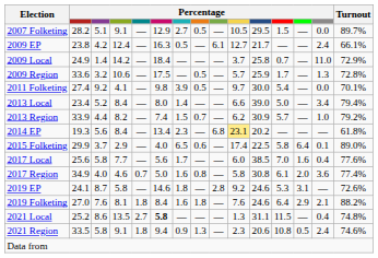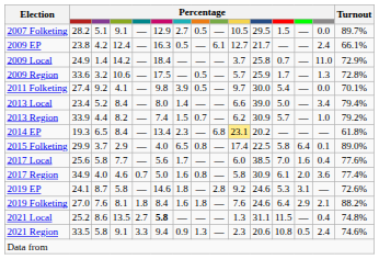 <table class="wikitable" style="text-align:center; font-size:90%; line-height:14px">
 <tr>
 <th rowspan=2>Election</th>
 <th colspan=13>Percentage</th>
 <th rowspan=2>Turnout</th>
 </tr>
 <tr>
 <td style="background:#B5211D; width:20px;"><strong><a href='#'></a></strong></td>
 <td style="background:#843A93; width:20px;"><strong><a href='#'></a></strong></td>
 <td style="background:#89A920; width:20px;"><strong><a href='#'></a></strong></td>
 <td style="background:#00868B; width:20px;"><strong><a href='#'></a></strong></td>
 <td style="background:#C9096C; width:20px;"><strong><a href='#'></a></strong></td>
 <td style="background:#1CB1B7; width:20px;"><strong><a href='#'></a></strong></td>
 <td style="background:#EC7D14; width:20px;"><strong><a href='#'></a></strong></td>
 <td style="background:#78AB46; width:20px;"><strong><a href='#'></a></strong></td>
 <td style="background:#F4D44D; width:20px;"><strong><a href='#'></a></strong></td>
 <td style="background:#254C85; width:20px;"><strong><a href='#'></a></strong></td>
 <td style="background:#FF0000; width:20px;"><strong><a href='#'></a></strong></td>
 <td style="background:#00FF00; width:20px;"><strong><a href='#'></a></strong></td>
 <td style="background:#8B8989; width:20px;"><strong></strong></td>
 </tr>
 <tr>
 <td style="text-align:left"><a href='#'>2007 Folketing</a></td>
 <td>28.2</td>
 <td>5.1</td>
 <td>9.1</td>
 <td>—</td>
 <td>12.9</td>
 <td>2.7</td>
 <td>0.5</td>
 <td>—</td>
 <td>10.5</td>
 <td>29.5</td>
 <td>1.5</td>
 <td>—</td>
 <td>0.0</td>
 <td>89.7%</td>
 </tr>
 <tr>
 <td style="text-align:left"><a href='#'>2009 EP</a></td>
 <td>23.8</td>
 <td>4.2</td>
 <td>12.4</td>
 <td>—</td>
 <td>16.3</td>
 <td>0.5</td>
 <td>—</td>
 <td>6.1</td>
 <td>12.7</td>
 <td>21.7</td>
 <td>—</td>
 <td>—</td>
 <td>2.4</td>
 <td>66.1%</td>
 </tr>
 <tr>
 <td style="text-align:left"><a href='#'>2009 Local</a></td>
 <td>24.9</td>
 <td>1.4</td>
 <td>14.2</td>
 <td>—</td>
 <td>18.4</td>
 <td>—</td>
 <td>—</td>
 <td>—</td>
 <td>3.7</td>
 <td>25.8</td>
 <td>0.7</td>
 <td>—</td>
 <td>11.0</td>
 <td>72.9%</td>
 </tr>
 <tr>
 <td style="text-align:left"><a href='#'>2009 Region</a></td>
 <td>33.6</td>
 <td>3.2</td>
 <td>10.6</td>
 <td>—</td>
 <td>17.5</td>
 <td>—</td>
 <td>0.5</td>
 <td>—</td>
 <td>5.7</td>
 <td>25.9</td>
 <td>1.7</td>
 <td>—</td>
 <td>1.3</td>
 <td>72.8%</td>
 </tr>
 <tr>
 <td style="text-align:left"><a href='#'>2011 Folketing</a></td>
 <td>27.4</td>
 <td>9.2</td>
 <td>4.1</td>
 <td>—</td>
 <td>9.8</td>
 <td>3.9</td>
 <td>0.5</td>
 <td>—</td>
 <td>9.7</td>
 <td>30.0</td>
 <td>5.4</td>
 <td>—</td>
 <td>0.0</td>
 <td>70.1%</td>
 </tr>
 <tr>
 <td style="text-align:left"><a href='#'>2013 Local</a></td>
 <td>23.4</td>
 <td>5.2</td>
 <td>8.4</td>
 <td>—</td>
 <td>8.0</td>
 <td>1.4</td>
 <td>—</td>
 <td>—</td>
 <td>6.6</td>
 <td>39.0</td>
 <td>5.0</td>
 <td>—</td>
 <td>3.4</td>
 <td>79.4%</td>
 </tr>
 <tr>
 <td style="text-align:left"><a href='#'>2013 Region</a></td>
 <td>33.9</td>
 <td>4.4</td>
 <td>8.2</td>
 <td>—</td>
 <td>7.4</td>
 <td>1.5</td>
 <td>0.7</td>
 <td>—</td>
 <td>6.2</td>
 <td>30.9</td>
 <td>5.7</td>
 <td>—</td>
 <td>1.0</td>
 <td>79.2%</td>
 </tr>
 <tr>
 <td style="text-align:left"><a href='#'>2014 EP</a></td>
 <td>19.3</td>
-<td>5.6</td>
+<td>6.5</td>
 <td>8.4</td>
 <td>—</td>
 <td>13.4</td>
 <td>2.3</td>
 <td>—</td>
 <td>6.8</td>
 <td style="background:#FFEC8B;">23.1</td>
 <td>20.2</td>
 <td>—</td>
 <td>—</td>
 <td>—</td>
 <td>61.8%</td>
 </tr>
 <tr>
 <td style="text-align:left"><a href='#'>2015 Folketing</a></td>
 <td>29.9</td>
 <td>3.7</td>
 <td>2.9</td>
 <td>—</td>
 <td>4.0</td>
 <td>6.5</td>
-<td>0.6</td>
+<td>0.8</td>
 <td>—</td>
 <td>17.4</td>
 <td>22.5</td>
 <td>5.8</td>
 <td>6.4</td>
 <td>0.1</td>
 <td>89.0%</td>
 </tr>
 <tr>
 <td style="text-align:left"><a href='#'>2017 Local</a></td>
 <td>25.6</td>
 <td>5.8</td>
 <td>7.7</td>
 <td>—</td>
 <td>5.6</td>
 <td>1.7</td>
 <td>—</td>
 <td>—</td>
 <td>6.0</td>
 <td>38.5</td>
 <td>7.0</td>
 <td>1.6</td>
 <td>0.4</td>
 <td>77.6%</td>
 </tr>
 <tr>
 <td style="text-align:left"><a href='#'>2017 Region</a></td>
 <td>34.9</td>
 <td>4.0</td>
 <td>4.6</td>
 <td>0.7</td>
 <td>5.0</td>
 <td>1.6</td>
 <td>0.8</td>
 <td>—</td>
 <td>5.8</td>
-<td>30.8</td>
+<td>30.9</td>
 <td>6.1</td>
 <td>2.0</td>
 <td>3.6</td>
 <td>77.4%</td>
 </tr>
 <tr>
 <td style="text-align:left"><a href='#'>2019 EP</a></td>
 <td>24.1</td>
 <td>8.7</td>
 <td>5.8</td>
 <td>—</td>
 <td>14.6</td>
 <td>1.8</td>
 <td>—</td>
 <td>2.8</td>
 <td>9.2</td>
 <td>24.6</td>
 <td>5.3</td>
 <td>3.1</td>
 <td>—</td>
 <td>72.6%</td>
 </tr>
 <tr>
 <td style="text-align:left"><a href='#'>2019 Folketing</a></td>
 <td>27.0</td>
 <td>7.6</td>
 <td>8.1</td>
 <td>1.8</td>
 <td>8.4</td>
 <td>1.6</td>
 <td>1.8</td>
 <td>—</td>
 <td>7.6</td>
 <td>24.6</td>
 <td>6.4</td>
 <td>2.9</td>
 <td>2.1</td>
 <td>88.2%</td>
 </tr>
 <tr>
 <td style="text-align:left"><a href='#'>2021 Local</a></td>
 <td>25.2</td>
 <td>8.6</td>
 <td>13.5</td>
 <td>2.7</td>
 <td><strong>5.8</strong></td>
 <td>—</td>
 <td>—</td>
 <td>—</td>
 <td>1.3</td>
 <td>31.1</td>
 <td>11.5</td>
 <td>—</td>
 <td>0.4</td>
 <td>74.8%</td>
 </tr>
 <tr>
 <td style="text-align:left"><a href='#'>2021 Region</a></td>
 <td>33.5</td>
 <td>5.8</td>
 <td>9.1</td>
-<td>1.8</td>
+<td>3.3</td>
 <td>9.4</td>
 <td>0.9</td>
 <td>1.3</td>
 <td>—</td>
 <td>2.3</td>
 <td>20.6</td>
 <td>10.8</td>
 <td>0.5</td>
 <td>2.4</td>
 <td>74.6%</td>
 </tr>
 <tr>
 <td colspan=20 style="text-align:left">Data from </td>
 </tr>
 </table>
